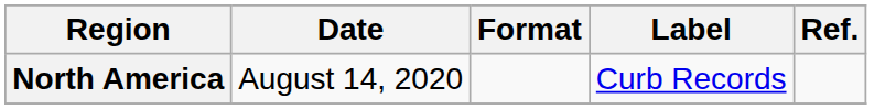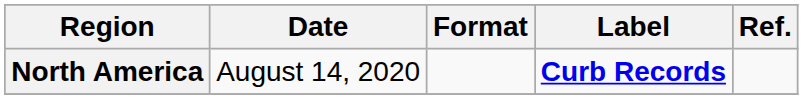 <table class="wikitable plainrowheaders">
 <tr>
 <th scope="col">Region</th>
 <th scope="col">Date</th>
 <th scope="col">Format</th>
 <th scope="col">Label</th>
 <th scope="col">Ref.</th>
 </tr>
 <tr>
 <th scope="row">North America</th>
 <td>August 14, 2020</td>
 <td></td>
-<td><a href='#'>Curb Records</a></td>
+<td><strong><a href='#'>Curb Records</a></strong></td>
 <td style="text-align:center;"></td>
 </tr>
 <tr>
 </tr>
 </table>
